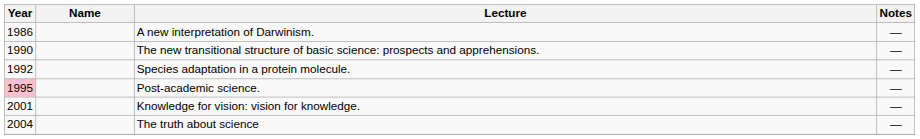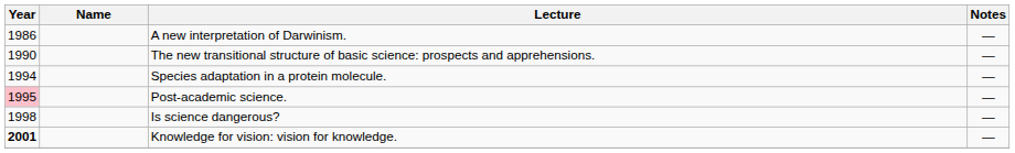 <table class="wikitable sortable" border="1" style="align:left;">
 <tr>
 <th width="4">Year</th>
 <th width="600">Name</th>
 <th width="6100">Lecture</th>
 <th width="1" class="unsortable">Notes</th>
 </tr>
 <tr>
 <td>1986</td>
 <td></td>
 <td>A new interpretation of Darwinism.</td>
 <td align=center>—</td>
 </tr>
 <tr>
 <td>1990</td>
 <td></td>
 <td>The new transitional structure of basic science: prospects and apprehensions.</td>
 <td align=center>—</td>
 </tr>
 <tr>
-<td>1992</td>
+<td>1994</td>
 <td></td>
 <td>Species adaptation in a protein molecule.</td>
 <td align=center>—</td>
 </tr>
 <tr>
 <td style="background: pink;">1995</td>
 <td></td>
 <td>Post-academic science.</td>
 <td align=center>—</td>
 </tr>
 <tr>
-<td>2001</td>
+<td>1998</td>
+<td></td>
+<td>Is science dangerous?</td>
+<td align=center>—</td>
+</tr>
+<tr>
+<td><strong>2001</strong></td>
 <td></td>
 <td>Knowledge for vision: vision for knowledge.</td>
 <td align=center>—</td>
 </tr>
 <tr>
-<td>2004</td>
-<td></td>
-<td>The truth about science</td>
-<td align=center>—</td>
-</tr>
-<tr>
 </tr>
 </table>
